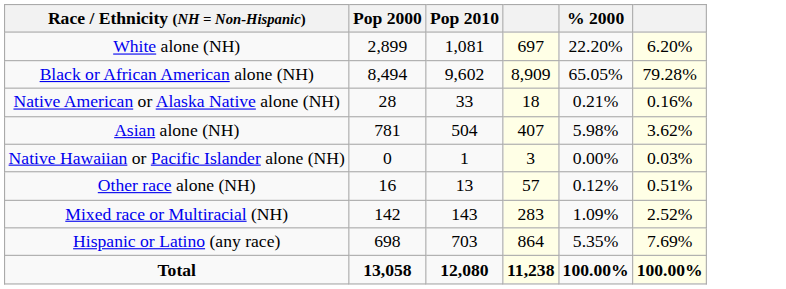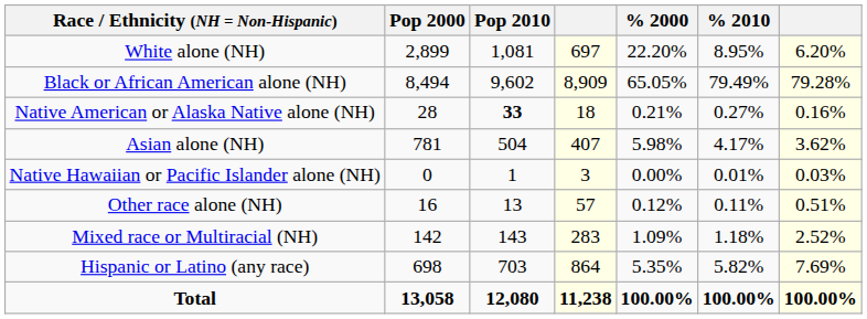 <table class="wikitable" style="text-align:center;">
 <tr>
 <th>Race / Ethnicity <small>(<em>NH = Non-Hispanic</em>)</small></th>
 <th>Pop 2000</th>
 <th>Pop 2010</th>
 <th></th>
 <th>% 2000</th>
+<th>% 2010</th>
 <th></th>
 </tr>
 <tr>
 <td><a href='#'>White</a> alone (NH)</td>
 <td>2,899</td>
 <td>1,081</td>
 <td style='background: #ffffe6;'>697</td>
 <td>22.20%</td>
+<td>8.95%</td>
 <td style='background: #ffffe6;'>6.20%</td>
 </tr>
 <tr>
 <td><a href='#'>Black or African American</a> alone (NH)</td>
 <td>8,494</td>
 <td>9,602</td>
 <td style='background: #ffffe6;'>8,909</td>
 <td>65.05%</td>
+<td>79.49%</td>
 <td style='background: #ffffe6;'>79.28%</td>
 </tr>
 <tr>
 <td><a href='#'>Native American</a> or <a href='#'>Alaska Native</a> alone (NH)</td>
 <td>28</td>
-<td>33</td>
+<td><strong>33</strong></td>
 <td style='background: #ffffe6;'>18</td>
 <td>0.21%</td>
+<td>0.27%</td>
 <td style='background: #ffffe6;'>0.16%</td>
 </tr>
 <tr>
 <td><a href='#'>Asian</a> alone (NH)</td>
 <td>781</td>
 <td>504</td>
 <td style='background: #ffffe6;'>407</td>
 <td>5.98%</td>
+<td>4.17%</td>
 <td style='background: #ffffe6;'>3.62%</td>
 </tr>
 <tr>
 <td><a href='#'>Native Hawaiian</a> or <a href='#'>Pacific Islander</a> alone (NH)</td>
 <td>0</td>
 <td>1</td>
 <td style='background: #ffffe6;'>3</td>
 <td>0.00%</td>
+<td>0.01%</td>
 <td style='background: #ffffe6;'>0.03%</td>
 </tr>
 <tr>
 <td><a href='#'>Other race</a> alone (NH)</td>
 <td>16</td>
 <td>13</td>
 <td style='background: #ffffe6;'>57</td>
 <td>0.12%</td>
+<td>0.11%</td>
 <td style='background: #ffffe6;'>0.51%</td>
 </tr>
 <tr>
 <td><a href='#'>Mixed race or Multiracial</a> (NH)</td>
 <td>142</td>
 <td>143</td>
 <td style='background: #ffffe6;'>283</td>
 <td>1.09%</td>
+<td>1.18%</td>
 <td style='background: #ffffe6;'>2.52%</td>
 </tr>
 <tr>
 <td><a href='#'>Hispanic or Latino</a> (any race)</td>
 <td>698</td>
 <td>703</td>
 <td style='background: #ffffe6;'>864</td>
 <td>5.35%</td>
+<td>5.82%</td>
 <td style='background: #ffffe6;'>7.69%</td>
 </tr>
 <tr>
 <td><strong>Total</strong></td>
 <td><strong>13,058</strong></td>
 <td><strong>12,080</strong></td>
 <td style='background: #ffffe6;'><strong>11,238</strong></td>
 <td><strong>100.00%</strong></td>
+<td><strong>100.00%</strong></td>
 <td style='background: #ffffe6;'><strong>100.00%</strong></td>
 </tr>
 </table>
